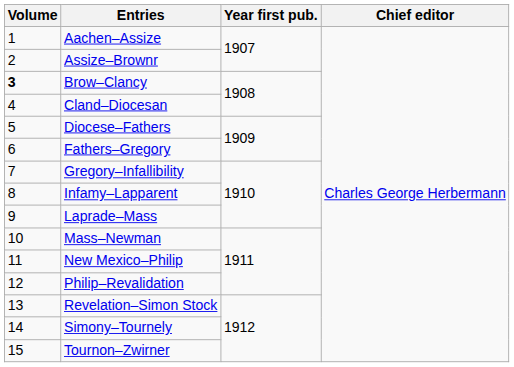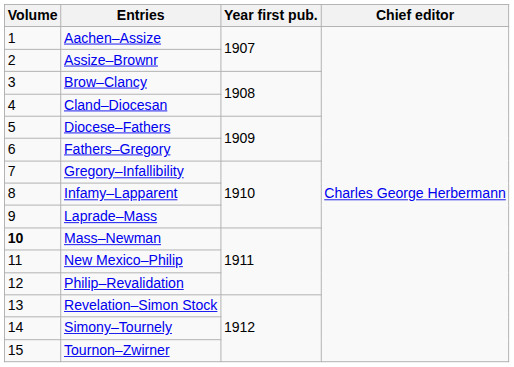 <table |align="center" class="wikitable">
 <tr>
 <th>Volume</th>
 <th>Entries</th>
 <th>Year first pub.</th>
 <th>Chief editor</th>
 </tr>
 <tr>
 <td>1</td>
 <td><a href='#'>Aachen–Assize</a></td>
 <td rowspan="2">1907</td>
 <td rowspan="15"><a href='#'>Charles George Herbermann</a></td>
 </tr>
 <tr>
 <td>2</td>
 <td><a href='#'>Assize–Brownr</a></td>
 </tr>
 <tr>
-<td><strong>3</strong></td>
+<td>3</td>
 <td><a href='#'>Brow–Clancy</a></td>
 <td rowspan="2">1908</td>
 </tr>
 <tr>
 <td>4</td>
 <td><a href='#'>Cland–Diocesan</a></td>
 </tr>
 <tr>
 <td>5</td>
 <td><a href='#'>Diocese–Fathers</a></td>
 <td rowspan="2">1909</td>
 </tr>
 <tr>
 <td>6</td>
 <td><a href='#'>Fathers–Gregory</a></td>
 </tr>
 <tr>
 <td>7</td>
 <td><a href='#'>Gregory–Infallibility</a></td>
 <td rowspan="3">1910</td>
 </tr>
 <tr>
 <td>8</td>
 <td><a href='#'>Infamy–Lapparent</a></td>
 </tr>
 <tr>
 <td>9</td>
 <td><a href='#'>Laprade–Mass</a></td>
 </tr>
 <tr>
-<td>10</td>
+<td><strong>10</strong></td>
 <td><a href='#'>Mass–Newman</a></td>
 <td rowspan="3">1911</td>
 </tr>
 <tr>
 <td>11</td>
 <td><a href='#'>New Mexico–Philip</a></td>
 </tr>
 <tr>
 <td>12</td>
 <td><a href='#'>Philip–Revalidation</a></td>
 </tr>
 <tr>
 <td>13</td>
 <td><a href='#'>Revelation–Simon Stock</a></td>
 <td rowspan="3">1912</td>
 </tr>
 <tr>
 <td>14</td>
 <td><a href='#'>Simony–Tournely</a></td>
 </tr>
 <tr>
 <td>15</td>
 <td><a href='#'>Tournon–Zwirner</a></td>
 </tr>
 </table>
